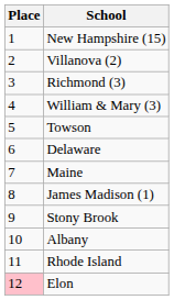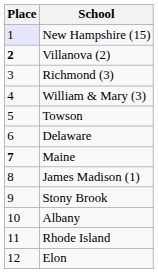 <table Class="wikitable">
 <tr align=center>
 <th>Place</th>
 <th>School</th>
 </tr>
 <tr>
-<td>1</td>
+<td style="background: lavender;">1</td>
 <td>New Hampshire (15)</td>
 </tr>
 <tr>
-<td>2</td>
+<td><strong>2</strong></td>
 <td>Villanova (2)</td>
 </tr>
 <tr>
 <td>3</td>
 <td>Richmond (3)</td>
 </tr>
 <tr>
 <td>4</td>
 <td>William & Mary (3)</td>
 </tr>
 <tr>
 <td>5</td>
 <td>Towson</td>
 </tr>
 <tr>
 <td>6</td>
 <td>Delaware</td>
 </tr>
 <tr>
-<td>7</td>
+<td><strong>7</strong></td>
 <td>Maine</td>
 </tr>
 <tr>
 <td>8</td>
 <td>James Madison (1)</td>
 </tr>
 <tr>
 <td>9</td>
 <td>Stony Brook</td>
 </tr>
 <tr>
 <td>10</td>
 <td>Albany</td>
 </tr>
 <tr>
 <td>11</td>
 <td>Rhode Island</td>
 </tr>
 <tr>
-<td style="background: pink;">12</td>
+<td>12</td>
 <td>Elon</td>
 </tr>
 </table>
